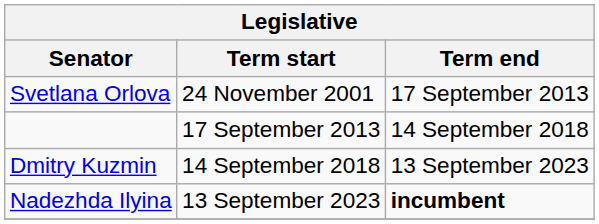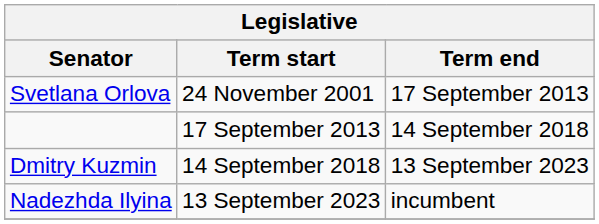 <table class="wikitable sortable">
 <tr>
 <th colspan=3>Legislative</th>
 </tr>
 <tr>
 <th>Senator</th>
 <th>Term start</th>
 <th>Term end</th>
 </tr>
 <tr>
 <td><a href='#'>Svetlana Orlova</a></td>
 <td>24 November 2001</td>
 <td>17 September 2013</td>
 </tr>
 <tr>
 <td></td>
 <td>17 September 2013</td>
 <td>14 September 2018</td>
 </tr>
 <tr>
 <td><a href='#'>Dmitry Kuzmin</a></td>
 <td>14 September 2018</td>
 <td>13 September 2023</td>
 </tr>
 <tr>
 <td><a href='#'>Nadezhda Ilyina</a></td>
 <td>13 September 2023</td>
-<td><strong>incumbent</strong></td>
+<td>incumbent</td>
 </tr>
 <tr>
 </tr>
 </table>
